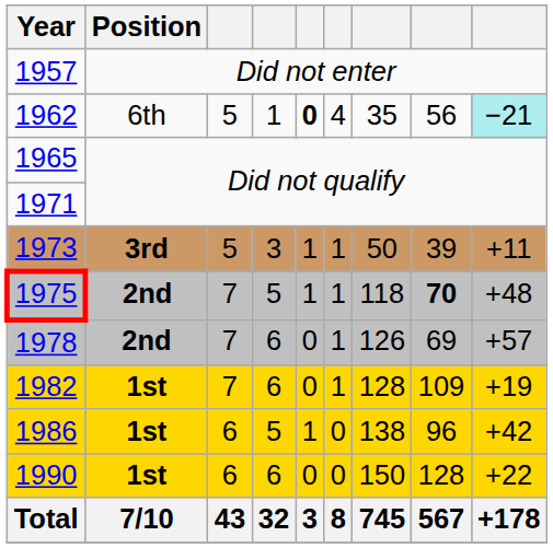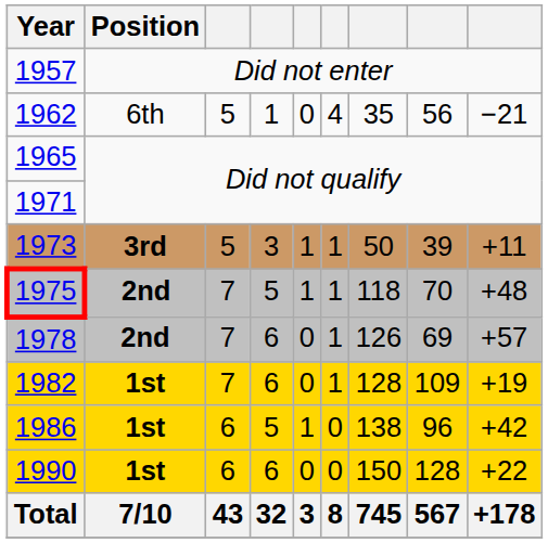 <table class="wikitable" style="text-align: center;">
 <tr>
 <th>Year</th>
 <th>Position</th>
 <th></th>
 <th></th>
 <th></th>
 <th></th>
 <th></th>
 <th></th>
 <th></th>
 </tr>
 <tr>
 <td> <a href='#'>1957</a></td>
 <td colspan="9"><em>Did not enter</em></td>
 </tr>
 <tr>
 <td> <a href='#'>1962</a></td>
 <td>6th</td>
 <td>5</td>
 <td>1</td>
-<td><strong>0</strong></td>
+<td>0</td>
 <td>4</td>
 <td>35</td>
 <td>56</td>
-<td style="background: paleturquoise;">−21</td>
+<td>−21</td>
 </tr>
 <tr>
 <td> <a href='#'>1965</a></td>
 <td colspan="9" rowspan="2"><em>Did not qualify</em></td>
 </tr>
 <tr>
 <td> <a href='#'>1971</a></td>
 </tr>
 <tr style="background:#c96;">
 <td> <a href='#'>1973</a></td>
 <td><strong>3rd</strong> </td>
 <td>5</td>
 <td>3</td>
 <td>1</td>
 <td>1</td>
 <td>50</td>
 <td>39</td>
 <td>+11</td>
 </tr>
 <tr style="background:silver;">
 <td style="border: 3px solid red"> <a href='#'>1975</a></td>
 <td><strong>2nd</strong> </td>
 <td>7</td>
 <td>5</td>
 <td>1</td>
 <td>1</td>
 <td>118</td>
-<td><strong>70</strong></td>
+<td>70</td>
 <td>+48</td>
 </tr>
 <tr style="background:silver;">
 <td> <a href='#'>1978</a></td>
 <td><strong>2nd</strong> </td>
 <td>7</td>
 <td>6</td>
 <td>0</td>
 <td>1</td>
 <td>126</td>
 <td>69</td>
 <td>+57</td>
 </tr>
 <tr style="background:gold;">
 <td> <a href='#'>1982</a></td>
 <td><strong>1st</strong> </td>
 <td>7</td>
 <td>6</td>
 <td>0</td>
 <td>1</td>
 <td>128</td>
 <td>109</td>
 <td>+19</td>
 </tr>
 <tr style="background:gold;">
 <td> <a href='#'>1986</a></td>
 <td><strong>1st</strong> </td>
 <td>6</td>
 <td>5</td>
 <td>1</td>
 <td>0</td>
 <td>138</td>
 <td>96</td>
 <td>+42</td>
 </tr>
 <tr style="background:gold;">
 <td> <a href='#'>1990</a></td>
 <td><strong>1st</strong> </td>
 <td>6</td>
 <td>6</td>
 <td>0</td>
 <td>0</td>
 <td>150</td>
 <td>128</td>
 <td>+22</td>
 </tr>
 <tr>
 <th>Total</th>
 <th>7/10</th>
 <th>43</th>
 <th>32</th>
 <th>3</th>
 <th>8</th>
 <th>745</th>
 <th>567</th>
 <th>+178</th>
 </tr>
 <tr>
 </tr>
 </table>
